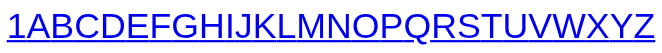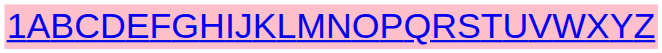 <table id="toc" class="toc" summary="Class">
 <tr>
 <th></th>
 </tr>
 <tr>
-<td style="text-align:center;"><a href='#'>1</a><a href='#'>A</a><a href='#'>B</a><a href='#'>C</a><a href='#'>D</a><a href='#'>E</a><a href='#'>F</a><a href='#'>G</a><a href='#'>H</a><a href='#'>I</a><a href='#'>J</a><a href='#'>K</a><a href='#'>L</a><a href='#'>M</a><a href='#'>N</a><a href='#'>O</a><a href='#'>P</a><a href='#'>Q</a><a href='#'>R</a><a href='#'>S</a><a href='#'>T</a><a href='#'>U</a><a href='#'>V</a><a href='#'>W</a><a href='#'>X</a><a href='#'>Y</a><a href='#'>Z</a></td>
+<td style="background: pink; text-align:center;"><a href='#'>1</a><a href='#'>A</a><a href='#'>B</a><a href='#'>C</a><a href='#'>D</a><a href='#'>E</a><a href='#'>F</a><a href='#'>G</a><a href='#'>H</a><a href='#'>I</a><a href='#'>J</a><a href='#'>K</a><a href='#'>L</a><a href='#'>M</a><a href='#'>N</a><a href='#'>O</a><a href='#'>P</a><a href='#'>Q</a><a href='#'>R</a><a href='#'>S</a><a href='#'>T</a><a href='#'>U</a><a href='#'>V</a><a href='#'>W</a><a href='#'>X</a><a href='#'>Y</a><a href='#'>Z</a></td>
 </tr>
 </table>
